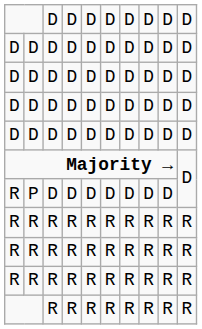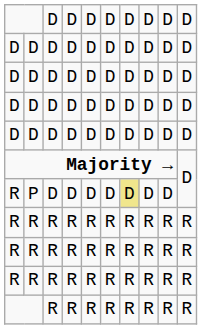 <table class="wikitable" style="text-align:center">
 <tr>
 <td colspan="2"></td>
 <td>D</td>
 <td>D</td>
 <td>D</td>
 <td>D</td>
 <td>D</td>
 <td>D</td>
 <td>D</td>
 <td>D</td>
 </tr>
 <tr>
 <td width="10%" >D</td>
 <td width="10%" >D</td>
 <td width="10%" >D</td>
 <td width="10%" >D</td>
 <td width="10%" >D</td>
 <td width="10%" >D</td>
 <td width="10%" >D</td>
 <td width="10%" >D</td>
 <td width="10%" >D</td>
 <td width="10%" >D</td>
 </tr>
 <tr>
 <td>D</td>
 <td>D</td>
 <td>D</td>
 <td>D</td>
 <td>D</td>
 <td>D</td>
 <td>D</td>
 <td>D</td>
 <td>D</td>
 <td>D</td>
 </tr>
 <tr>
 <td>D<br></td>
 <td>D<br></td>
 <td>D</td>
 <td>D</td>
 <td>D</td>
 <td>D</td>
 <td>D</td>
 <td>D</td>
 <td>D</td>
 <td>D</td>
 </tr>
 <tr>
 <td>D<br></td>
 <td>D<br></td>
 <td>D<br></td>
 <td>D<br></td>
 <td>D<br></td>
 <td>D<br></td>
 <td>D<br></td>
 <td>D<br></td>
 <td>D<br></td>
 <td>D<br></td>
 </tr>
 <tr>
 <td colspan="9" style="text-align:right"><strong>Majority →</strong></td>
 <td rowspan="2" >D<br></td>
 </tr>
 <tr>
 <td>R<br></td>
 <td>P</td>
 <td>D<br></td>
 <td>D<br></td>
 <td>D<br></td>
 <td>D<br></td>
-<td>D<br></td>
+<td style="background: khaki;">D<br></td>
 <td>D<br></td>
 <td>D<br></td>
 </tr>
 <tr>
 <td>R<br></td>
 <td>R<br></td>
 <td>R<br></td>
 <td>R<br></td>
 <td>R<br></td>
 <td>R<br></td>
 <td>R<br></td>
 <td>R<br></td>
 <td>R<br></td>
 <td>R<br></td>
 </tr>
 <tr>
 <td>R</td>
 <td>R</td>
 <td>R</td>
 <td>R</td>
 <td>R</td>
 <td>R</td>
 <td>R</td>
 <td>R</td>
 <td>R<br></td>
 <td>R<br></td>
 </tr>
 <tr>
 <td>R</td>
 <td>R</td>
 <td>R</td>
 <td>R</td>
 <td>R</td>
 <td>R</td>
 <td>R</td>
 <td>R</td>
 <td>R</td>
 <td>R</td>
 </tr>
 <tr>
 <td colspan="2"></td>
 <td>R</td>
 <td>R</td>
 <td>R</td>
 <td>R</td>
 <td>R</td>
 <td>R</td>
 <td>R</td>
 <td>R</td>
 </tr>
 </table>
